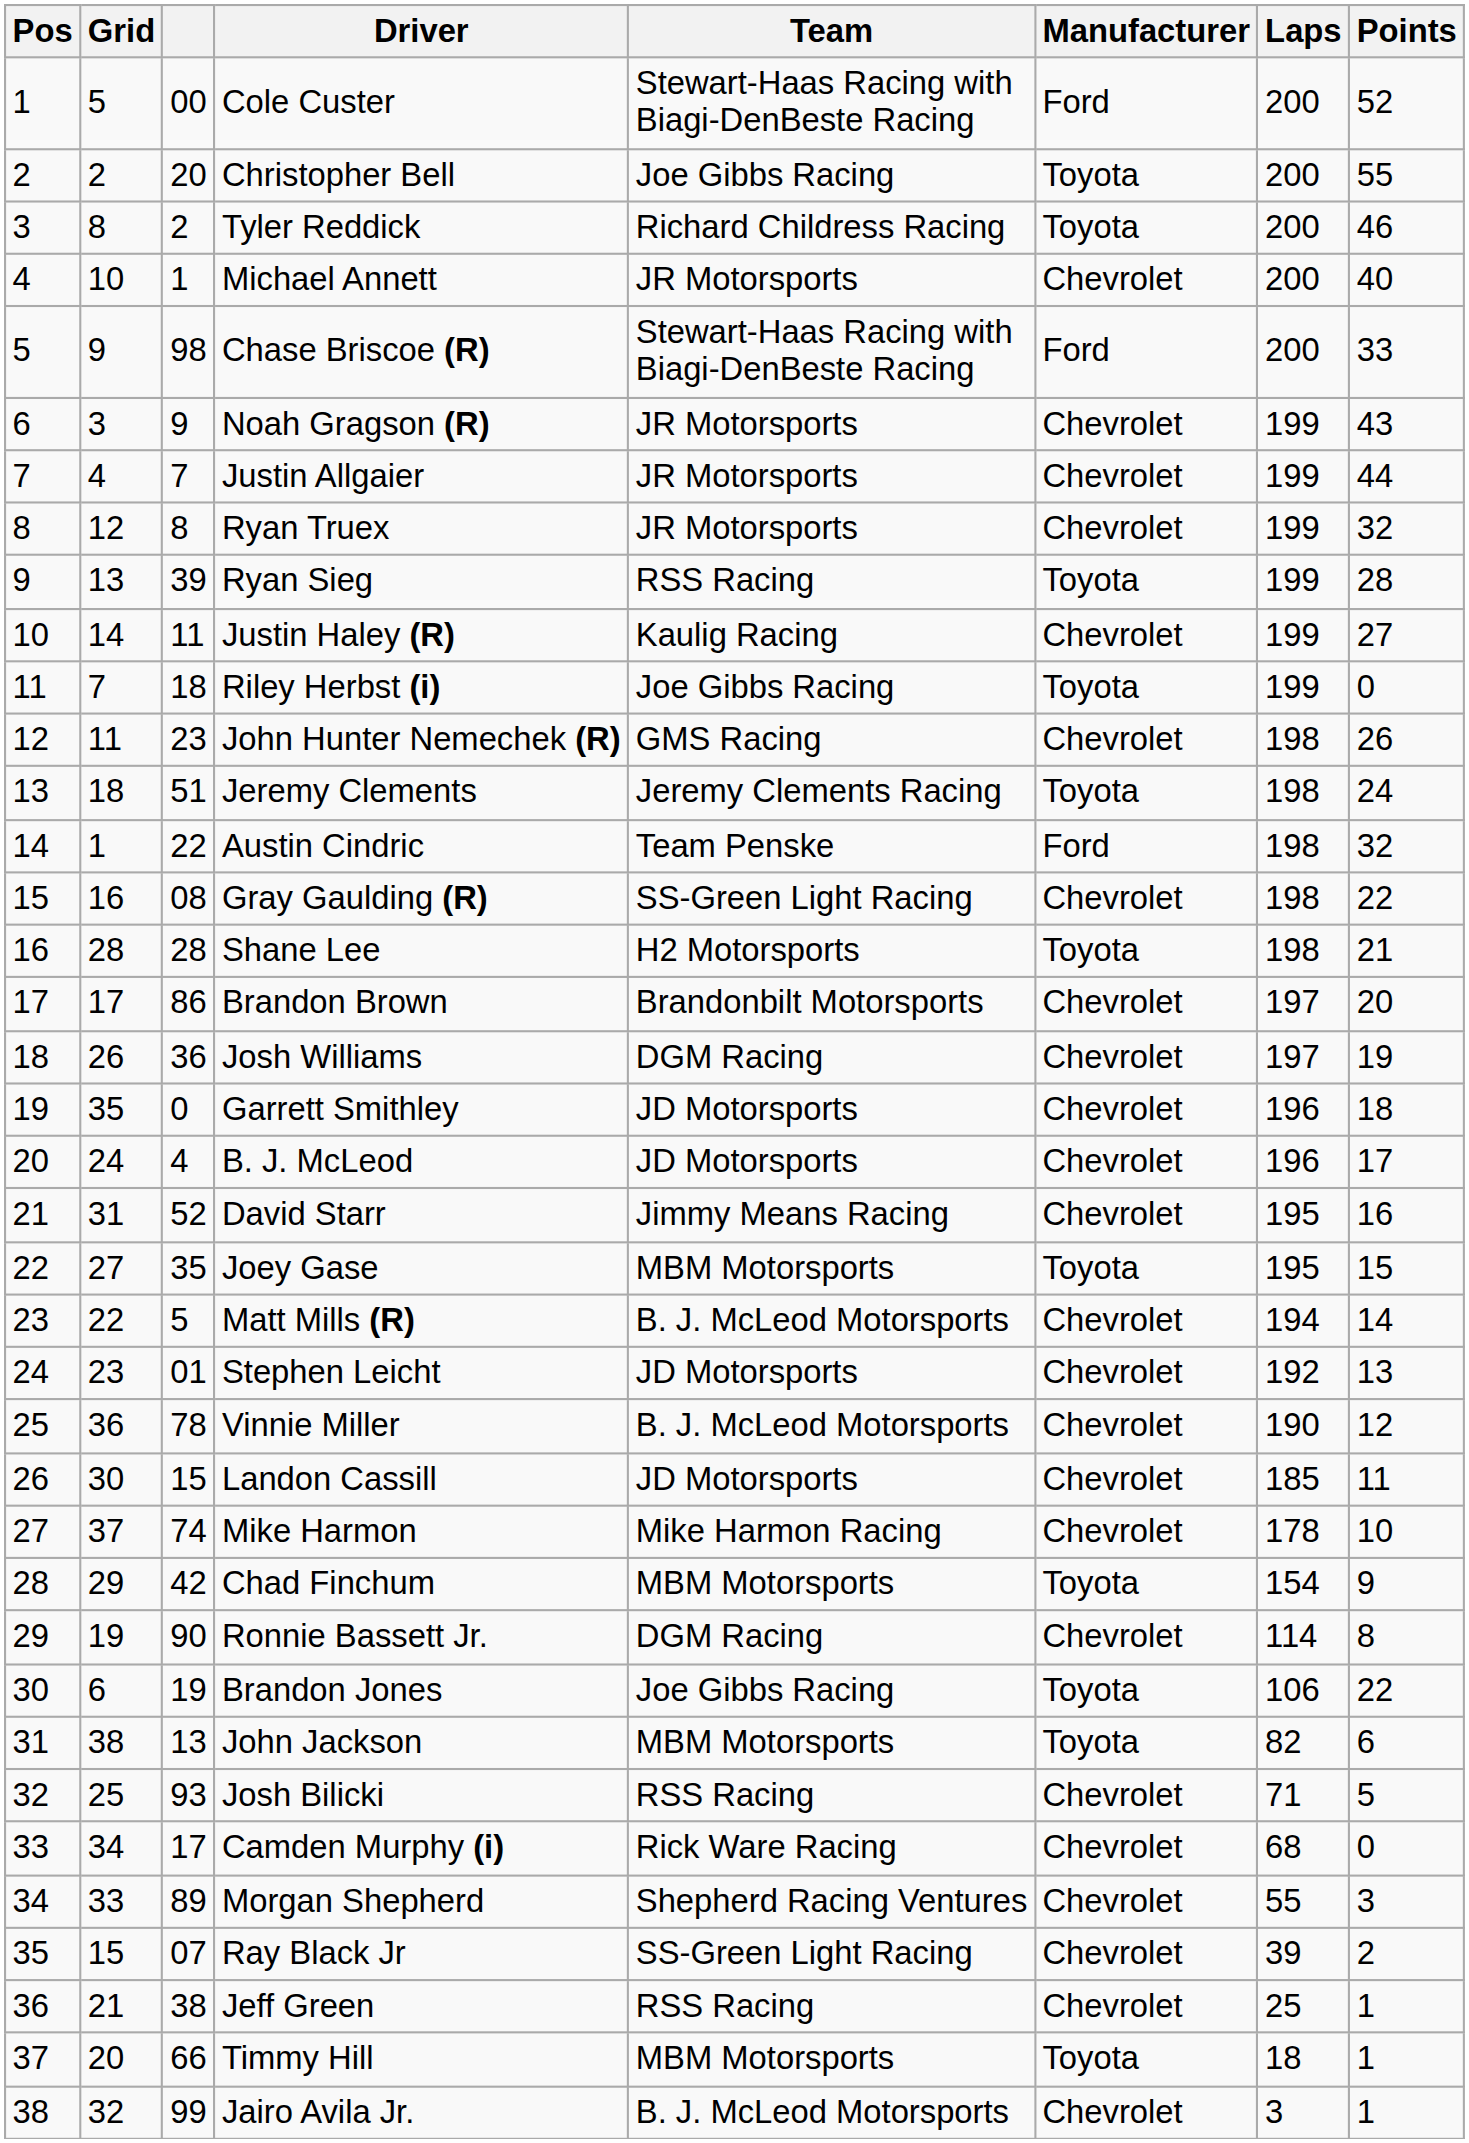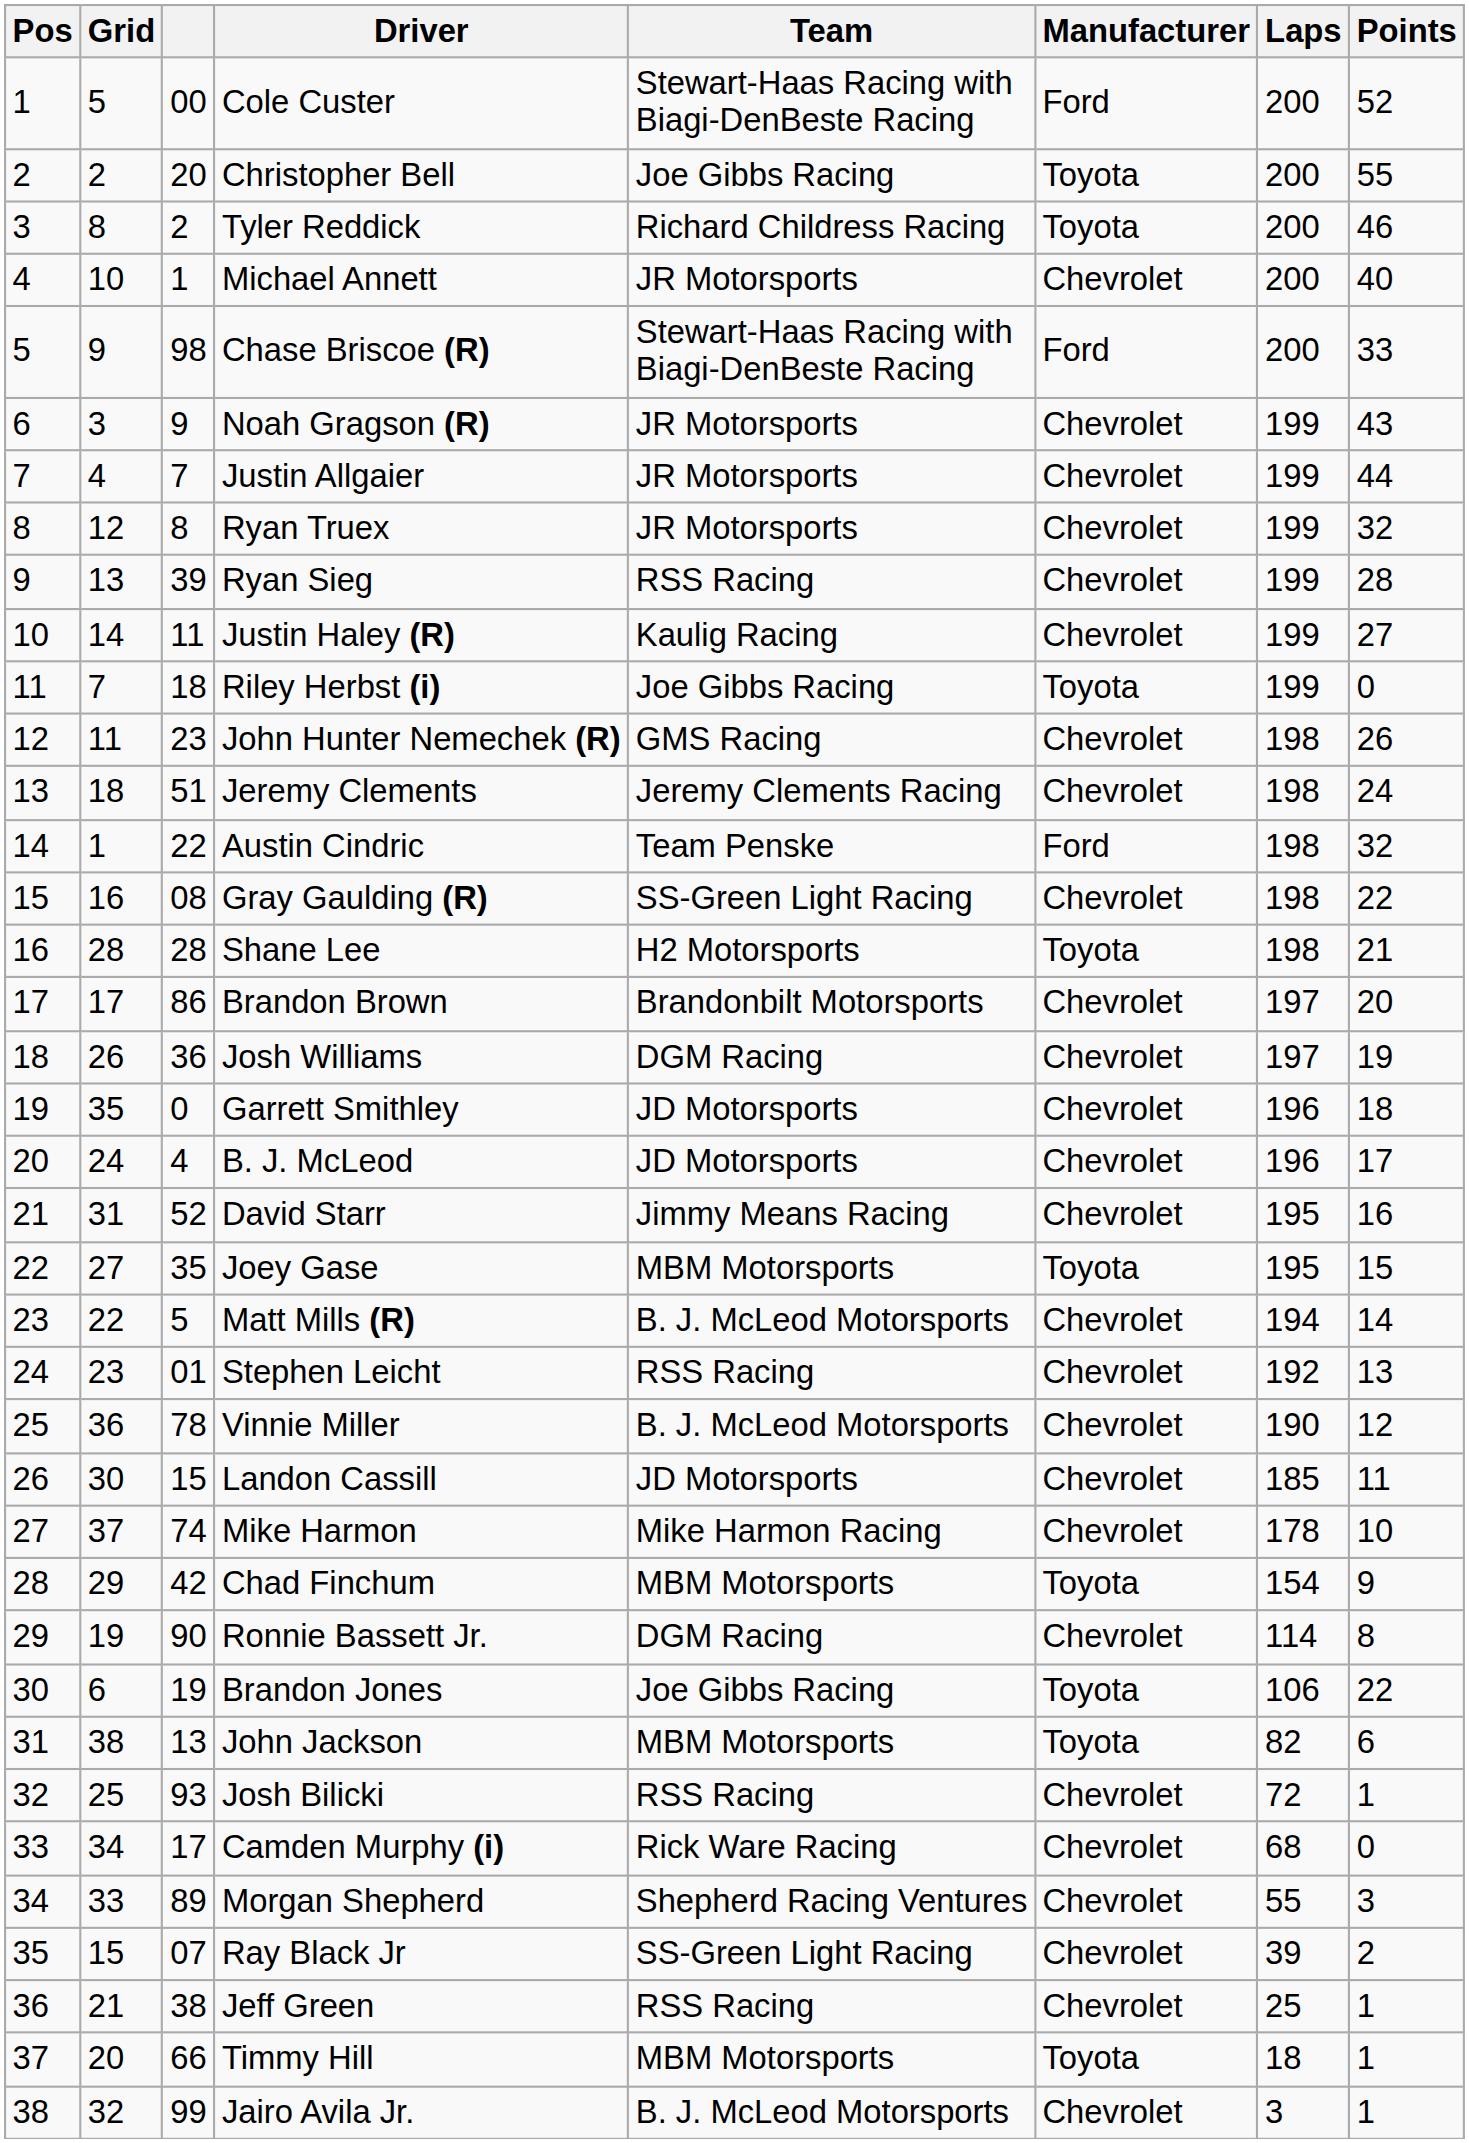 <table class="wikitable" style="font-size:98%">
 <tr>
 <th>Pos</th>
 <th>Grid</th>
 <th></th>
 <th>Driver</th>
 <th>Team</th>
 <th>Manufacturer</th>
 <th>Laps</th>
 <th>Points</th>
 </tr>
 <tr>
 <td>1</td>
 <td>5</td>
 <td>00</td>
 <td>Cole Custer</td>
 <td>Stewart-Haas Racing with <br> Biagi-DenBeste Racing</td>
 <td>Ford</td>
 <td>200</td>
 <td>52</td>
 </tr>
 <tr>
 <td>2</td>
 <td>2</td>
 <td>20</td>
 <td>Christopher Bell</td>
 <td>Joe Gibbs Racing</td>
 <td>Toyota</td>
 <td>200</td>
 <td>55</td>
 </tr>
 <tr>
 <td>3</td>
 <td>8</td>
 <td>2</td>
 <td>Tyler Reddick</td>
 <td>Richard Childress Racing</td>
 <td>Toyota</td>
 <td>200</td>
 <td>46</td>
 </tr>
 <tr>
 <td>4</td>
 <td>10</td>
 <td>1</td>
 <td>Michael Annett</td>
 <td>JR Motorsports</td>
 <td>Chevrolet</td>
 <td>200</td>
 <td>40</td>
 </tr>
 <tr>
 <td>5</td>
 <td>9</td>
 <td>98</td>
 <td>Chase Briscoe <strong>(R)</strong></td>
 <td>Stewart-Haas Racing with <br> Biagi-DenBeste Racing</td>
 <td>Ford</td>
 <td>200</td>
 <td>33</td>
 </tr>
 <tr>
 <td>6</td>
 <td>3</td>
 <td>9</td>
 <td>Noah Gragson <strong>(R)</strong></td>
 <td>JR Motorsports</td>
 <td>Chevrolet</td>
 <td>199</td>
 <td>43</td>
 </tr>
 <tr>
 <td>7</td>
 <td>4</td>
 <td>7</td>
 <td>Justin Allgaier</td>
 <td>JR Motorsports</td>
 <td>Chevrolet</td>
 <td>199</td>
 <td>44</td>
 </tr>
 <tr>
 <td>8</td>
 <td>12</td>
 <td>8</td>
 <td>Ryan Truex</td>
 <td>JR Motorsports</td>
 <td>Chevrolet</td>
 <td>199</td>
 <td>32</td>
 </tr>
 <tr>
 <td>9</td>
 <td>13</td>
 <td>39</td>
 <td>Ryan Sieg</td>
 <td>RSS Racing</td>
-<td>Toyota</td>
+<td>Chevrolet</td>
 <td>199</td>
 <td>28</td>
 </tr>
 <tr>
 <td>10</td>
 <td>14</td>
 <td>11</td>
 <td>Justin Haley <strong>(R)</strong></td>
 <td>Kaulig Racing</td>
 <td>Chevrolet</td>
 <td>199</td>
 <td>27</td>
 </tr>
 <tr>
 <td>11</td>
 <td>7</td>
 <td>18</td>
 <td>Riley Herbst <strong>(i)</strong></td>
 <td>Joe Gibbs Racing</td>
 <td>Toyota</td>
 <td>199</td>
 <td>0</td>
 </tr>
 <tr>
 <td>12</td>
 <td>11</td>
 <td>23</td>
 <td>John Hunter Nemechek <strong>(R)</strong></td>
 <td>GMS Racing</td>
 <td>Chevrolet</td>
 <td>198</td>
 <td>26</td>
 </tr>
 <tr>
 <td>13</td>
 <td>18</td>
 <td>51</td>
 <td>Jeremy Clements</td>
 <td>Jeremy Clements Racing</td>
-<td>Toyota</td>
+<td>Chevrolet</td>
 <td>198</td>
 <td>24</td>
 </tr>
 <tr>
 <td>14</td>
 <td>1</td>
 <td>22</td>
 <td>Austin Cindric</td>
 <td>Team Penske</td>
 <td>Ford</td>
 <td>198</td>
 <td>32</td>
 </tr>
 <tr>
 <td>15</td>
 <td>16</td>
 <td>08</td>
 <td>Gray Gaulding <strong>(R)</strong></td>
 <td>SS-Green Light Racing</td>
 <td>Chevrolet</td>
 <td>198</td>
 <td>22</td>
 </tr>
 <tr>
 <td>16</td>
 <td>28</td>
 <td>28</td>
 <td>Shane Lee</td>
 <td>H2 Motorsports</td>
 <td>Toyota</td>
 <td>198</td>
 <td>21</td>
 </tr>
 <tr>
 <td>17</td>
 <td>17</td>
 <td>86</td>
 <td>Brandon Brown</td>
 <td>Brandonbilt Motorsports</td>
 <td>Chevrolet</td>
 <td>197</td>
 <td>20</td>
 </tr>
 <tr>
 <td>18</td>
 <td>26</td>
 <td>36</td>
 <td>Josh Williams</td>
 <td>DGM Racing</td>
 <td>Chevrolet</td>
 <td>197</td>
 <td>19</td>
 </tr>
 <tr>
 <td>19</td>
 <td>35</td>
 <td>0</td>
 <td>Garrett Smithley</td>
 <td>JD Motorsports</td>
 <td>Chevrolet</td>
 <td>196</td>
 <td>18</td>
 </tr>
 <tr>
 <td>20</td>
 <td>24</td>
 <td>4</td>
 <td>B. J. McLeod</td>
 <td>JD Motorsports</td>
 <td>Chevrolet</td>
 <td>196</td>
 <td>17</td>
 </tr>
 <tr>
 <td>21</td>
 <td>31</td>
 <td>52</td>
 <td>David Starr</td>
 <td>Jimmy Means Racing</td>
 <td>Chevrolet</td>
 <td>195</td>
 <td>16</td>
 </tr>
 <tr>
 <td>22</td>
 <td>27</td>
 <td>35</td>
 <td>Joey Gase</td>
 <td>MBM Motorsports</td>
 <td>Toyota</td>
 <td>195</td>
 <td>15</td>
 </tr>
 <tr>
 <td>23</td>
 <td>22</td>
 <td>5</td>
 <td>Matt Mills <strong>(R)</strong></td>
 <td>B. J. McLeod Motorsports</td>
 <td>Chevrolet</td>
 <td>194</td>
 <td>14</td>
 </tr>
 <tr>
 <td>24</td>
 <td>23</td>
 <td>01</td>
 <td>Stephen Leicht</td>
-<td>JD Motorsports</td>
+<td>RSS Racing</td>
 <td>Chevrolet</td>
 <td>192</td>
 <td>13</td>
 </tr>
 <tr>
 <td>25</td>
 <td>36</td>
 <td>78</td>
 <td>Vinnie Miller</td>
 <td>B. J. McLeod Motorsports</td>
 <td>Chevrolet</td>
 <td>190</td>
 <td>12</td>
 </tr>
 <tr>
 <td>26</td>
 <td>30</td>
 <td>15</td>
 <td>Landon Cassill</td>
 <td>JD Motorsports</td>
 <td>Chevrolet</td>
 <td>185</td>
 <td>11</td>
 </tr>
 <tr>
 <td>27</td>
 <td>37</td>
 <td>74</td>
 <td>Mike Harmon</td>
 <td>Mike Harmon Racing</td>
 <td>Chevrolet</td>
 <td>178</td>
 <td>10</td>
 </tr>
 <tr>
 <td>28</td>
 <td>29</td>
 <td>42</td>
 <td>Chad Finchum</td>
 <td>MBM Motorsports</td>
 <td>Toyota</td>
 <td>154</td>
 <td>9</td>
 </tr>
 <tr>
 <td>29</td>
 <td>19</td>
 <td>90</td>
 <td>Ronnie Bassett Jr.</td>
 <td>DGM Racing</td>
 <td>Chevrolet</td>
 <td>114</td>
 <td>8</td>
 </tr>
 <tr>
 <td>30</td>
 <td>6</td>
 <td>19</td>
 <td>Brandon Jones</td>
 <td>Joe Gibbs Racing</td>
 <td>Toyota</td>
 <td>106</td>
 <td>22</td>
 </tr>
 <tr>
 <td>31</td>
 <td>38</td>
 <td>13</td>
 <td>John Jackson</td>
 <td>MBM Motorsports</td>
 <td>Toyota</td>
 <td>82</td>
 <td>6</td>
 </tr>
 <tr>
 <td>32</td>
 <td>25</td>
 <td>93</td>
 <td>Josh Bilicki</td>
 <td>RSS Racing</td>
 <td>Chevrolet</td>
-<td>71</td>
-<td>5</td>
+<td>72</td>
+<td>1</td>
 </tr>
 <tr>
 <td>33</td>
 <td>34</td>
 <td>17</td>
 <td>Camden Murphy <strong>(i)</strong></td>
 <td>Rick Ware Racing</td>
 <td>Chevrolet</td>
 <td>68</td>
 <td>0</td>
 </tr>
 <tr>
 <td>34</td>
 <td>33</td>
 <td>89</td>
 <td>Morgan Shepherd</td>
 <td>Shepherd Racing Ventures</td>
 <td>Chevrolet</td>
 <td>55</td>
 <td>3</td>
 </tr>
 <tr>
 <td>35</td>
 <td>15</td>
 <td>07</td>
 <td>Ray Black Jr</td>
 <td>SS-Green Light Racing</td>
 <td>Chevrolet</td>
 <td>39</td>
 <td>2</td>
 </tr>
 <tr>
 <td>36</td>
 <td>21</td>
 <td>38</td>
 <td>Jeff Green</td>
 <td>RSS Racing</td>
 <td>Chevrolet</td>
 <td>25</td>
 <td>1</td>
 </tr>
 <tr>
 <td>37</td>
 <td>20</td>
 <td>66</td>
 <td>Timmy Hill</td>
 <td>MBM Motorsports</td>
 <td>Toyota</td>
 <td>18</td>
 <td>1</td>
 </tr>
 <tr>
 <td>38</td>
 <td>32</td>
 <td>99</td>
 <td>Jairo Avila Jr.</td>
 <td>B. J. McLeod Motorsports</td>
 <td>Chevrolet</td>
 <td>3</td>
 <td>1</td>
 </tr>
 <tr>
 </tr>
 </table>
